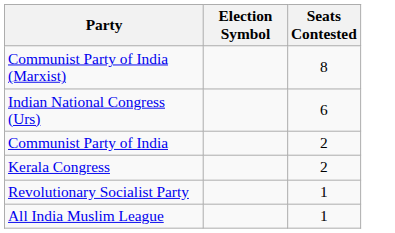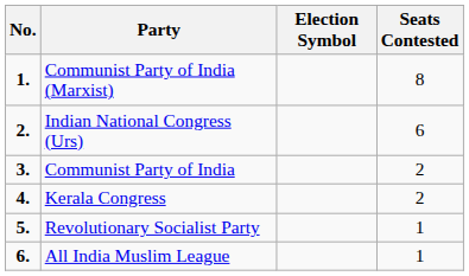 <table class="wikitable">
 <tr>
+<th scope="col" style="width:4px;">No.</th>
 <th scope="col" style="width:200px;">Party</th>
 <th scope="col" style="width:80px;">Election Symbol</th>
 <th scope="col" style="width:60px;">Seats Contested</th>
 </tr>
 <tr style="height: 45px;">
+<td style="text-align:center; background:"><strong>1.</strong></td>
 <td><a href='#'>Communist Party of India (Marxist)</a></td>
 <td></td>
 <td style="text-align:center;">8</td>
 </tr>
 <tr>
+<td style="text-align:center; background:"><strong>2.</strong></td>
 <td><a href='#'>Indian National Congress (Urs)</a></td>
 <td style="text-align:center;"></td>
 <td style="text-align:center;">6</td>
 </tr>
 <tr style="height: 4px;">
+<td style="text-align:center; background:"><strong>3.</strong></td>
 <td><a href='#'>Communist Party of India</a></td>
 <td></td>
 <td style="text-align:center;">2</td>
 </tr>
 <tr>
+<td style="text-align:center; background:"><strong>4.</strong></td>
 <td><a href='#'>Kerala Congress</a></td>
 <td style="text-align:center;"></td>
 <td style="text-align:center;">2</td>
 </tr>
 <tr>
+<td style="text-align:center; background:"><strong>5.</strong></td>
 <td><a href='#'>Revolutionary Socialist Party</a></td>
 <td style="text-align:center;"></td>
 <td style="text-align:center;">1</td>
 </tr>
 <tr>
+<td style="text-align:center; background:"><strong>6.</strong></td>
 <td><a href='#'>All India Muslim League</a></td>
 <td style="text-align:center;"></td>
 <td style="text-align:center;">1</td>
 </tr>
 </table>
